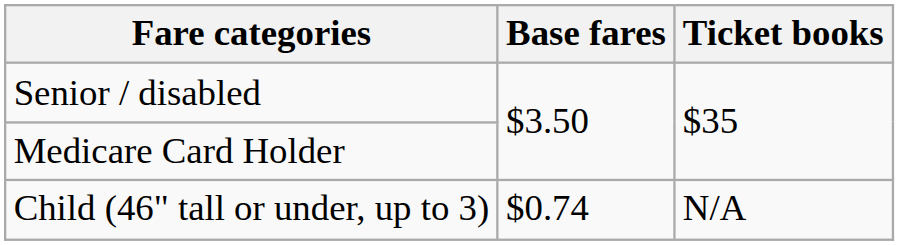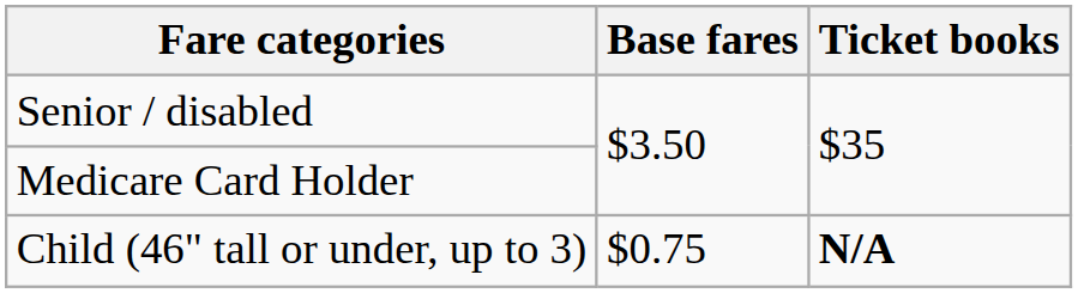 <table class="wikitable">
 <tr>
 <th>Fare categories</th>
 <th>Base fares</th>
 <th>Ticket books</th>
 </tr>
 <tr>
 <td>Senior / disabled</td>
 <td rowspan=2>$3.50</td>
 <td rowspan=2>$35</td>
 </tr>
 <tr>
 <td>Medicare Card Holder</td>
 </tr>
 <tr>
 <td>Child (46" tall or under, up to 3)</td>
-<td>$0.74</td>
-<td>N/A</td>
+<td>$0.75</td>
+<td><strong>N/A</strong></td>
 </tr>
 </table>
